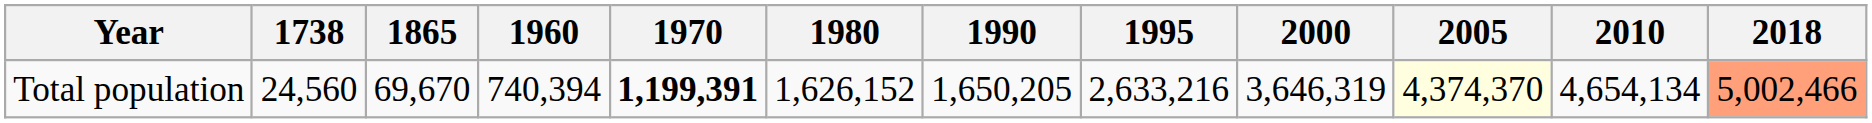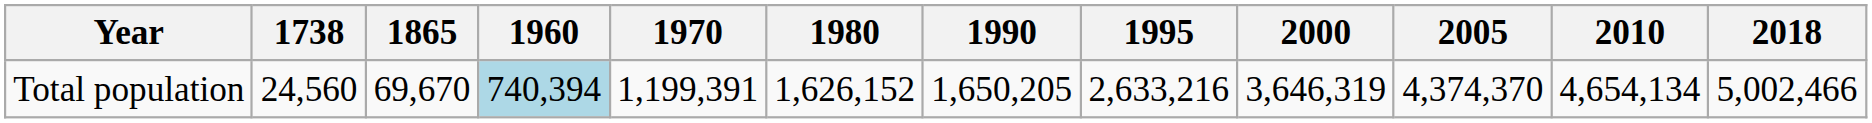 <table class="wikitable">
 <tr>
 <th>Year</th>
 <th>1738</th>
 <th>1865</th>
 <th>1960</th>
 <th>1970</th>
 <th>1980</th>
 <th>1990</th>
 <th>1995</th>
 <th>2000</th>
 <th>2005</th>
 <th>2010</th>
 <th>2018</th>
 </tr>
 <tr ---->
 <td>Total population</td>
 <td>24,560</td>
 <td>69,670</td>
-<td>740,394</td>
-<td><strong>1,199,391</strong></td>
+<td style="background: lightblue;">740,394</td>
+<td>1,199,391</td>
 <td>1,626,152</td>
 <td>1,650,205</td>
 <td>2,633,216</td>
 <td>3,646,319</td>
-<td style="background: lightyellow;">4,374,370</td>
+<td>4,374,370</td>
 <td>4,654,134</td>
-<td style="background: lightsalmon;">5,002,466</td>
+<td>5,002,466</td>
 </tr>
 </table>
